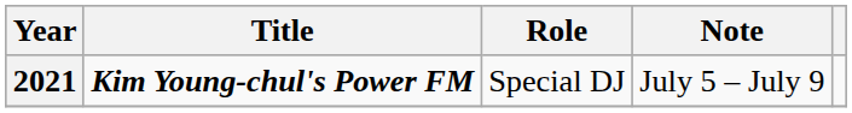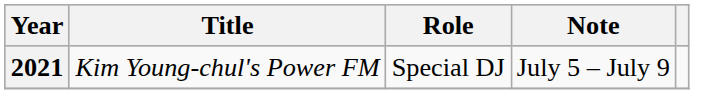 <table class="wikitable plainrowheaders sortable nowrap">
 <tr>
 <th scope="col">Year</th>
 <th scope="col">Title</th>
 <th scope="col">Role</th>
 <th scope="col">Note</th>
 <th scope="col" class="unsortable"></th>
 </tr>
 <tr>
 <th scope="row">2021</th>
-<td><strong><em>Kim Young-chul's Power FM</em></strong></td>
+<td><em>Kim Young-chul's Power FM</em></td>
 <td>Special DJ</td>
 <td>July 5 – July 9</td>
 <td style="text-align:center"></td>
 </tr>
 <tr>
 </tr>
 </table>
